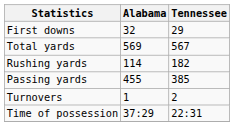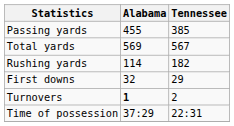 <table class="wikitable" style="float: left;">
 <tr>
 <th>Statistics</th>
 <th>Alabama</th>
 <th>Tennessee</th>
 </tr>
 <tr>
-<td>First downs</td>
-<td>32</td>
-<td>29</td>
+<td>Passing yards</td>
+<td>455</td>
+<td>385</td>
 </tr>
 <tr>
 <td>Total yards</td>
 <td>569</td>
 <td>567</td>
 </tr>
 <tr>
 <td>Rushing yards</td>
 <td>114</td>
 <td>182</td>
 </tr>
 <tr>
-<td>Passing yards</td>
-<td>455</td>
-<td>385</td>
+<td>First downs</td>
+<td>32</td>
+<td>29</td>
 </tr>
 <tr>
 <td>Turnovers</td>
-<td>1</td>
+<td><strong>1</strong></td>
 <td>2</td>
 </tr>
 <tr>
 <td>Time of possession</td>
 <td>37:29</td>
 <td>22:31</td>
 </tr>
 <tr>
 </tr>
 </table>
